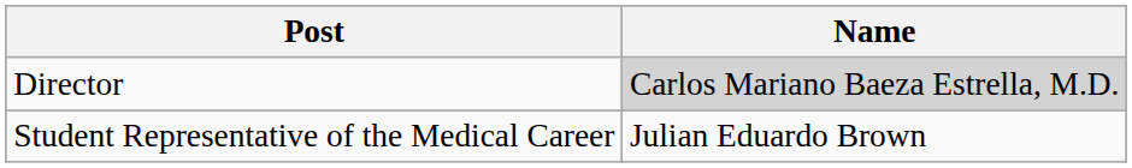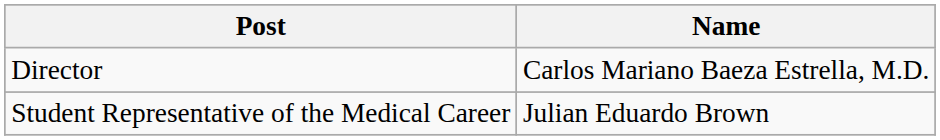 <table class="wikitable">
 <tr>
 <th>Post</th>
 <th>Name</th>
 </tr>
 <tr>
 <td>Director</td>
-<td style="background: lightgrey;">Carlos Mariano Baeza Estrella, M.D.</td>
+<td>Carlos Mariano Baeza Estrella, M.D.</td>
 </tr>
 <tr>
 <td>Student Representative of the Medical Career</td>
 <td>Julian Eduardo Brown</td>
 </tr>
 </table>
